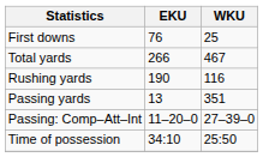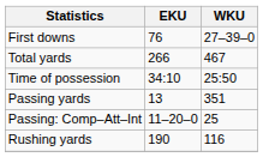 <table class="wikitable" style="float: left;">
 <tr>
 <th>Statistics</th>
 <th>EKU</th>
 <th>WKU</th>
 </tr>
 <tr>
 <td>First downs</td>
 <td>76</td>
-<td>25</td>
+<td>27–39–0</td>
 </tr>
 <tr>
 <td>Total yards</td>
 <td>266</td>
 <td>467</td>
 </tr>
 <tr>
-<td>Rushing yards</td>
-<td>190</td>
-<td>116</td>
+<td>Time of possession</td>
+<td>34:10</td>
+<td>25:50</td>
 </tr>
 <tr>
 <td>Passing yards</td>
 <td>13</td>
 <td>351</td>
 </tr>
 <tr>
 <td>Passing: Comp–Att–Int</td>
 <td>11–20–0</td>
-<td>27–39–0</td>
+<td>25</td>
 </tr>
 <tr>
-<td>Time of possession</td>
-<td>34:10</td>
-<td>25:50</td>
+<td>Rushing yards</td>
+<td>190</td>
+<td>116</td>
 </tr>
 <tr>
 </tr>
 </table>
